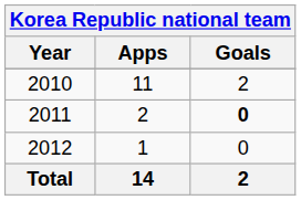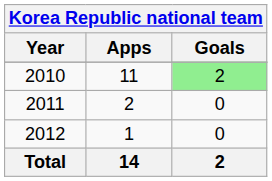 <table class="wikitable" style="text-align:center">
 <tr>
 <th colspan=3><a href='#'>Korea Republic national team</a></th>
 </tr>
 <tr>
 <th>Year</th>
 <th>Apps</th>
 <th>Goals</th>
 </tr>
 <tr>
 </tr>
 <tr>
 <td>2010</td>
 <td>11</td>
-<td>2</td>
+<td style="background: lightgreen;">2</td>
 </tr>
 <tr>
 <td>2011</td>
 <td>2</td>
-<td><strong>0</strong></td>
+<td>0</td>
 </tr>
 <tr>
 <td>2012</td>
 <td>1</td>
 <td>0</td>
 </tr>
 <tr>
 <th>Total</th>
 <th>14</th>
 <th>2</th>
 </tr>
 </table>
